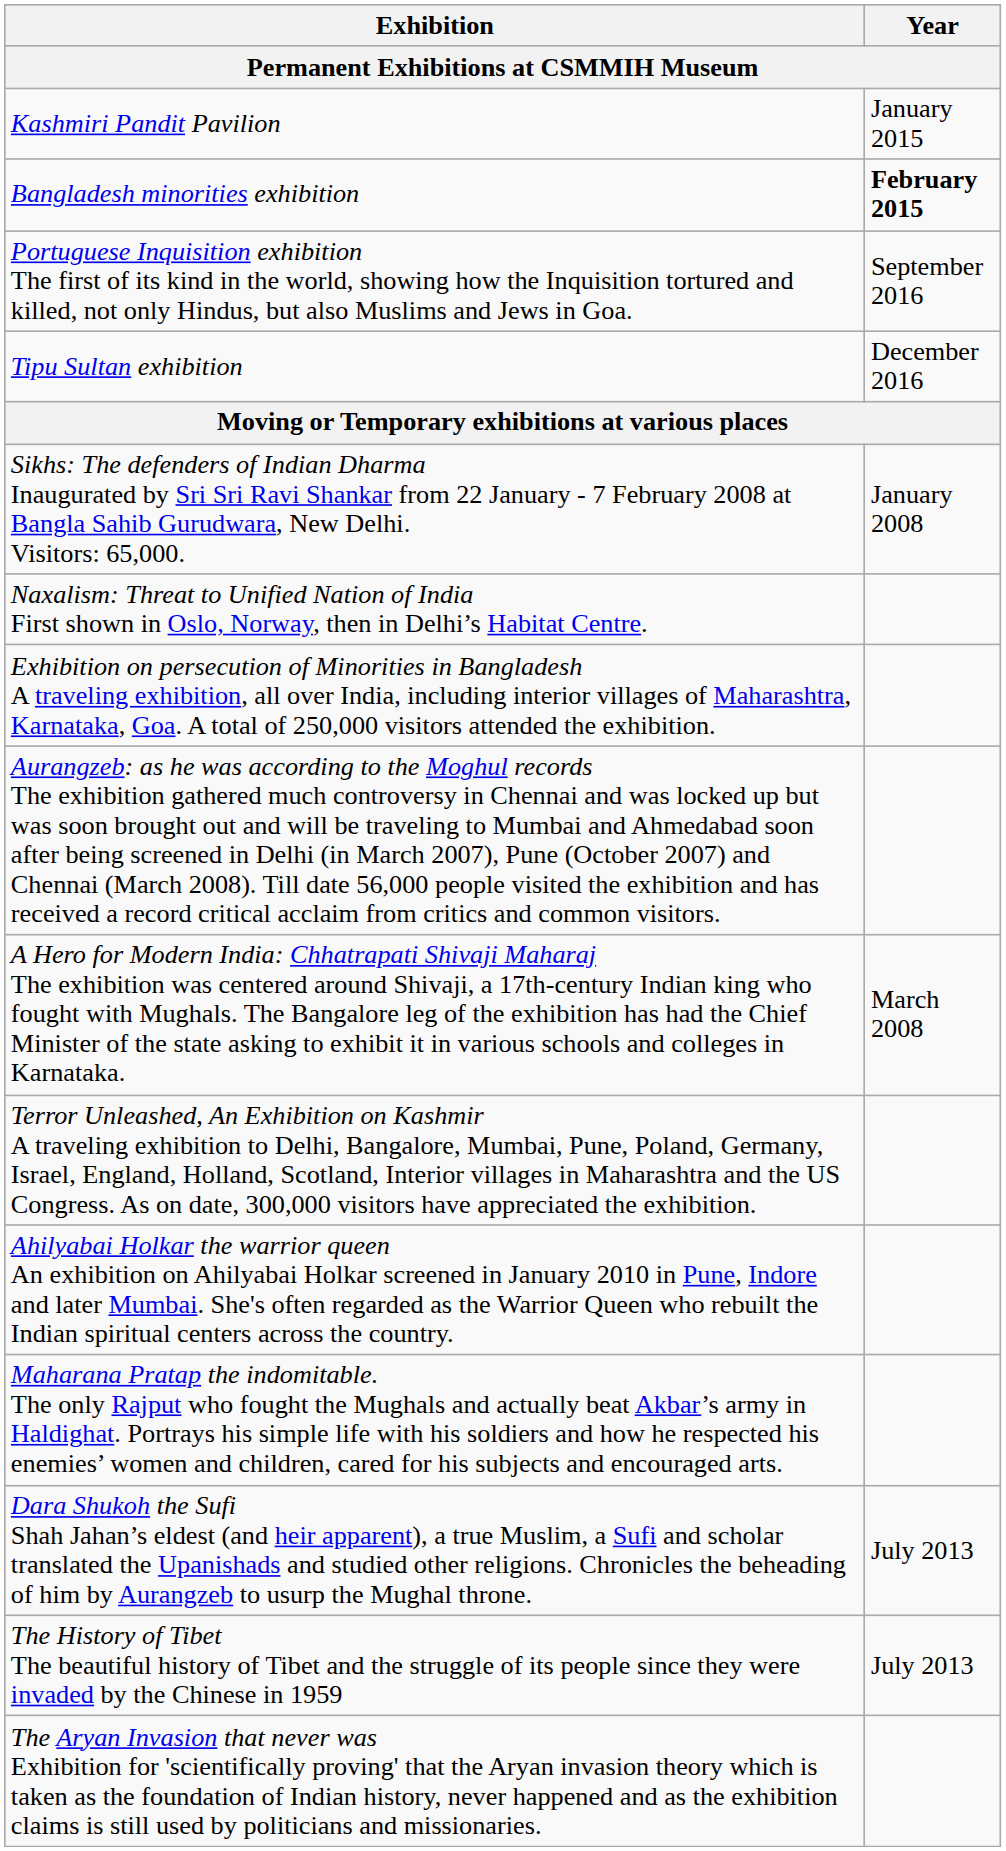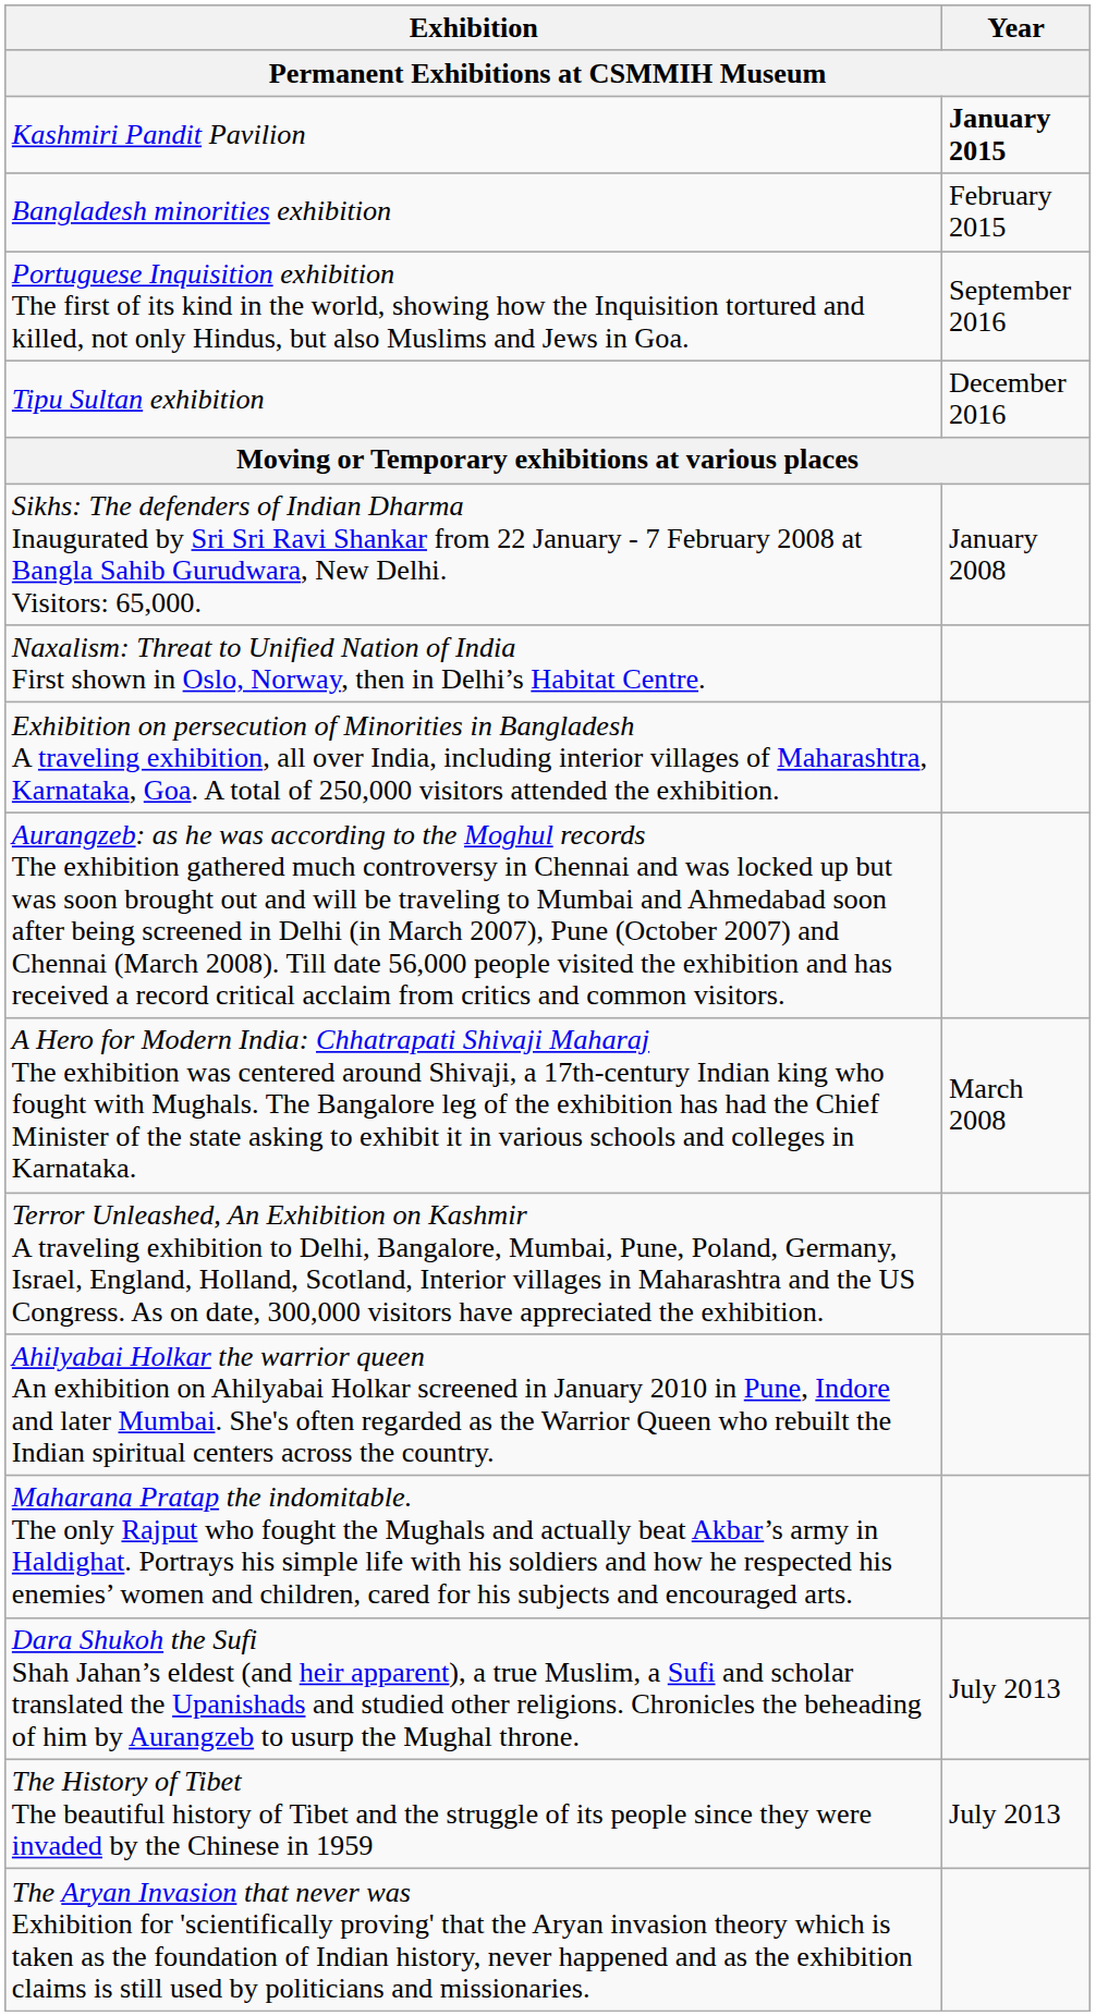 <table class="wikitable">
 <tr>
 <th>Exhibition</th>
 <th>Year</th>
 </tr>
 <tr>
 <th colspan="3">Permanent Exhibitions at CSMMIH Museum</th>
 </tr>
 <tr>
 <td><em><a href='#'>Kashmiri Pandit</a> Pavilion</em></td>
-<td>January 2015</td>
+<td><strong>January 2015</strong></td>
 </tr>
 <tr>
 <td><em><a href='#'>Bangladesh minorities</a> exhibition</em></td>
-<td><strong>February 2015</strong></td>
+<td>February 2015</td>
 </tr>
 <tr>
 <td><em><a href='#'>Portuguese Inquisition</a> exhibition</em><br>The first of its kind in the world, showing how the Inquisition tortured and killed, not only Hindus, but also Muslims and Jews in Goa.</td>
 <td>September 2016</td>
 </tr>
 <tr>
 <td><em><a href='#'>Tipu Sultan</a> exhibition</em></td>
 <td>December 2016</td>
 </tr>
 <tr>
 <th colspan="3">Moving or Temporary exhibitions at various places</th>
 </tr>
 <tr>
 <td><em>Sikhs: The defenders of Indian Dharma</em><br>Inaugurated by <a href='#'>Sri Sri Ravi Shankar</a> from 22 January - 7 February 2008 at <a href='#'>Bangla Sahib Gurudwara</a>, New Delhi.<br>Visitors: 65,000.</td>
 <td>January 2008</td>
 </tr>
 <tr>
 <td><em>Naxalism: Threat to Unified Nation of India</em><br>First shown in <a href='#'>Oslo, Norway</a>, then in Delhi’s <a href='#'>Habitat Centre</a>.</td>
 <td></td>
 </tr>
 <tr>
 <td><em>Exhibition on persecution of Minorities in Bangladesh</em><br>A <a href='#'>traveling exhibition</a>, all over India, including interior villages of <a href='#'>Maharashtra</a>, <a href='#'>Karnataka</a>, <a href='#'>Goa</a>. A total of 250,000 visitors attended the exhibition.</td>
 <td></td>
 </tr>
 <tr>
 <td><em><a href='#'>Aurangzeb</a>: as he was according to the <a href='#'>Moghul</a> records</em><br>The exhibition gathered much controversy in Chennai and was locked up but was soon brought out and will be traveling to Mumbai and Ahmedabad soon after being screened in Delhi (in March 2007), Pune (October 2007) and Chennai (March 2008).  Till date 56,000 people visited the exhibition and has received a record critical acclaim from critics and common visitors.</td>
 <td></td>
 </tr>
 <tr>
 <td><em>A Hero for Modern India: <a href='#'>Chhatrapati Shivaji Maharaj</a></em><br>The exhibition was centered around Shivaji, a 17th-century Indian king who fought with Mughals. The Bangalore leg of the exhibition has had the Chief Minister of the state asking to exhibit it in various schools and colleges in Karnataka.</td>
 <td>March 2008</td>
 </tr>
 <tr>
 <td><em>Terror Unleashed, An Exhibition on Kashmir</em><br>A traveling exhibition to Delhi, Bangalore, Mumbai, Pune, Poland, Germany, Israel, England, Holland, Scotland, Interior villages in Maharashtra and the US Congress. As on date, 300,000 visitors have appreciated the exhibition.</td>
 <td></td>
 </tr>
 <tr>
 <td><em><a href='#'>Ahilyabai Holkar</a> the warrior queen</em><br>An exhibition on Ahilyabai Holkar screened in January 2010 in <a href='#'>Pune</a>, <a href='#'>Indore</a> and later <a href='#'>Mumbai</a>. She's often regarded as the Warrior Queen who rebuilt the Indian spiritual centers across the country.</td>
 <td></td>
 </tr>
 <tr>
 <td><em><a href='#'>Maharana Pratap</a> the indomitable.</em><br>The only <a href='#'>Rajput</a> who fought the Mughals and actually beat <a href='#'>Akbar</a>’s army in <a href='#'>Haldighat</a>. Portrays his simple life with his soldiers and how he respected his enemies’ women and children, cared for his subjects and encouraged arts.</td>
 <td></td>
 </tr>
 <tr>
 <td><em><a href='#'>Dara Shukoh</a> the Sufi</em><br>Shah Jahan’s eldest (and <a href='#'>heir apparent</a>), a true Muslim, a <a href='#'>Sufi</a> and scholar translated the <a href='#'>Upanishads</a> and studied other religions. Chronicles the beheading of him by <a href='#'>Aurangzeb</a> to usurp the Mughal throne.</td>
 <td>July 2013</td>
 </tr>
 <tr>
 <td><em>The History of Tibet</em><br>The beautiful history of Tibet and the struggle of its people since they were <a href='#'>invaded</a> by the Chinese in 1959</td>
 <td>July 2013</td>
 </tr>
 <tr>
 <td><em>The <a href='#'>Aryan Invasion</a> that never was</em><br>Exhibition for 'scientifically proving' that the Aryan invasion theory which is taken as the foundation of Indian history, never happened and as the exhibition claims is still used by politicians and missionaries.</td>
 <td></td>
 </tr>
 </table>
